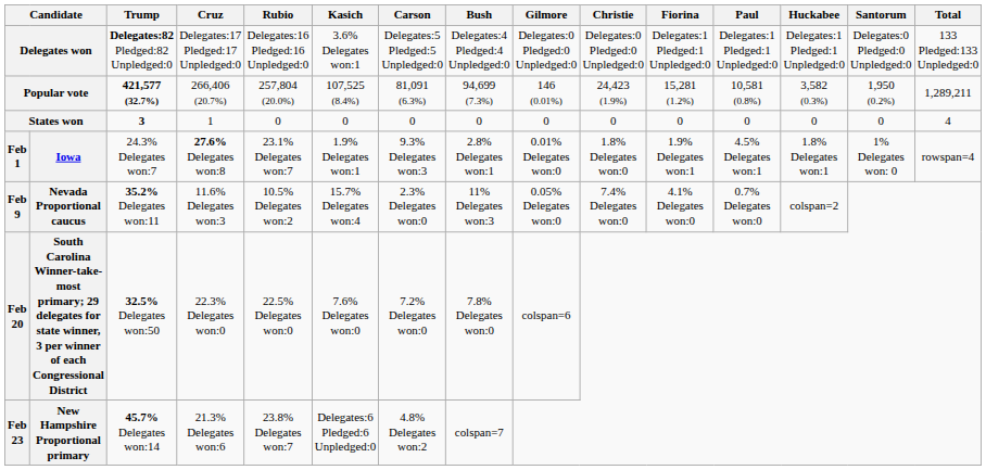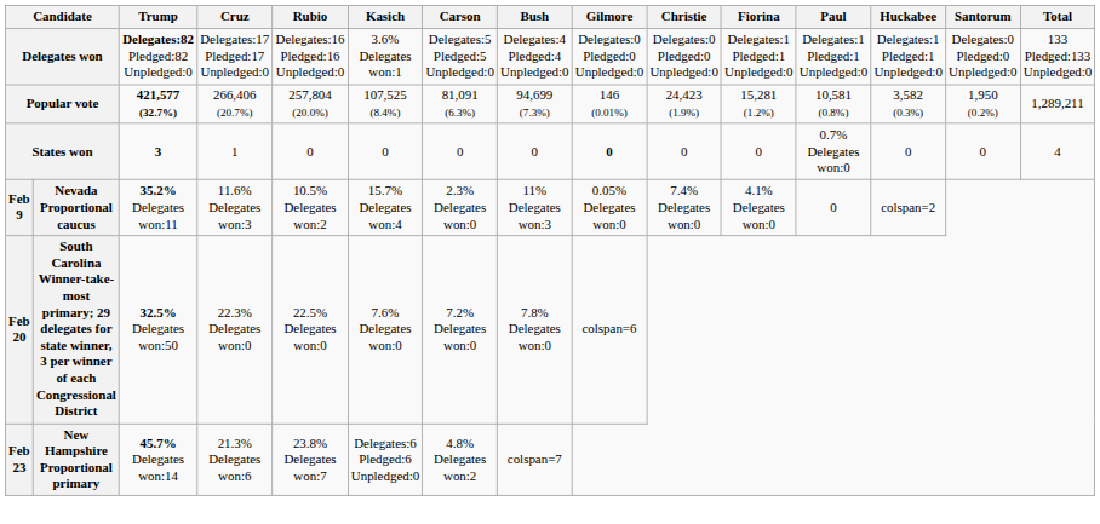 <table class="wikitable" style="font-size:12px; text-align: center;">
 <tr>
 <th colspan="2">Candidate</th>
 <th><strong>Trump</strong></th>
 <th>Cruz</th>
 <th>Rubio</th>
 <th>Kasich</th>
 <th>Carson</th>
 <th>Bush</th>
 <th>Gilmore</th>
 <th>Christie</th>
 <th>Fiorina</th>
 <th>Paul</th>
 <th>Huckabee</th>
 <th>Santorum</th>
 <th>Total</th>
 </tr>
 <tr>
 <th scope="row" colspan="2">Delegates won</th>
 <td><strong>Delegates:82</strong><br>Pledged:82 Unpledged:0</td>
 <td>Delegates:17<br>Pledged:17 Unpledged:0</td>
 <td> Delegates:16<br>Pledged:16 Unpledged:0</td>
 <td>3.6%<br>Delegates won:1</td>
 <td>Delegates:5<br>Pledged:5 Unpledged:0</td>
 <td>Delegates:4<br>Pledged:4 Unpledged:0</td>
 <td>Delegates:0<br>Pledged:0 Unpledged:0</td>
 <td>Delegates:0<br>Pledged:0 Unpledged:0</td>
 <td>Delegates:1<br>Pledged:1 Unpledged:0</td>
 <td>Delegates:1<br>Pledged:1 Unpledged:0</td>
 <td>Delegates:1<br>Pledged:1 Unpledged:0</td>
 <td>Delegates:0<br>Pledged:0 Unpledged:0</td>
 <td>133<br>Pledged:133 Unpledged:0</td>
 </tr>
 <tr>
 <th scope="row" colspan="2">Popular vote</th>
 <td><strong>421,577 <br><small>(32.7%)</small></strong></td>
 <td>266,406 <br><small>(20.7%)</small></td>
 <td>257,804 <br><small>(20.0%)</small></td>
 <td>107,525 <br><small>(8.4%)</small></td>
 <td>81,091 <br><small>(6.3%)</small></td>
 <td>94,699 <br><small>(7.3%)</small></td>
 <td>146 <br><small>(0.01%)</small></td>
 <td>24,423 <br><small>(1.9%)</small></td>
 <td>15,281 <br><small>(1.2%)</small></td>
 <td>10,581 <br><small>(0.8%)</small></td>
 <td>3,582 <br><small>(0.3%)</small></td>
 <td>1,950 <br><small>(0.2%)</small></td>
 <td>1,289,211 </td>
 </tr>
 <tr>
 <th scope="row" colspan="2">States won</th>
 <td><strong>3</strong></td>
 <td>1</td>
 <td> 0</td>
 <td>0</td>
 <td>0</td>
 <td>0</td>
+<td><strong>0</strong></td>
 <td>0</td>
 <td>0</td>
-<td>0</td>
-<td>0</td>
+<td>0.7%<br>Delegates won:0</td>
 <td>0</td>
 <td>0</td>
 <td>4</td>
-</tr>
-<tr>
-<th scope="row">Feb 1</th>
-<th scope="row"><a href='#'>Iowa</a></th>
-<td>24.3%<br>Delegates won:7</td>
-<td><strong>27.6%</strong><br>Delegates won:8</td>
-<td>23.1%<br>Delegates won:7</td>
-<td>1.9%<br>Delegates won:1</td>
-<td>9.3%<br>Delegates won:3</td>
-<td>2.8%<br>Delegates won:1</td>
-<td>0.01%<br>Delegates won:0</td>
-<td>1.8%<br>Delegates won:0</td>
-<td>1.9%<br>Delegates won:1</td>
-<td>4.5%<br>Delegates won:1</td>
-<td>1.8%<br>Delegates won:1</td>
-<td>1%<br>Delegates won: 0</td>
-<td>rowspan=4 </td>
 </tr>
 <tr>
 <th scope="row">Feb 9</th>
 <th scope="row"> Nevada<br>Proportional caucus</th>
 <td><strong>35.2%</strong><br>Delegates won:11</td>
 <td>11.6%<br>Delegates won:3</td>
 <td>10.5%<br>Delegates won:2</td>
 <td>15.7%<br>Delegates won:4</td>
 <td>2.3%<br>Delegates won:0</td>
 <td>11%<br>Delegates won:3</td>
 <td>0.05%<br>Delegates won:0</td>
 <td>7.4%<br>Delegates won:0</td>
 <td>4.1%<br>Delegates won:0</td>
-<td>0.7%<br>Delegates won:0</td>
+<td>0</td>
 <td>colspan=2 </td>
 </tr>
 <tr>
 <th scope="row">Feb 20</th>
 <th scope="row"> South Carolina<br>Winner-take-most primary; 29 delegates for state winner, 3 per winner of each Congressional District</th>
 <td><strong>32.5%</strong><br>Delegates won:50</td>
 <td>22.3%<br>Delegates won:0</td>
 <td>22.5%<br>Delegates won:0</td>
 <td>7.6%<br>Delegates won:0</td>
 <td>7.2%<br>Delegates won:0</td>
 <td>7.8%<br>Delegates won:0</td>
 <td>colspan=6 </td>
 </tr>
 <tr>
 <th scope="row">Feb 23</th>
 <th scope="row"> New Hampshire<br>Proportional primary</th>
 <td><strong>45.7%</strong><br>Delegates won:14</td>
 <td>21.3%<br>Delegates won:6</td>
 <td>23.8%<br>Delegates won:7</td>
 <td> Delegates:6<br>Pledged:6 Unpledged:0</td>
 <td>4.8%<br>Delegates won:2</td>
 <td>colspan=7 </td>
 </tr>
 </table>
